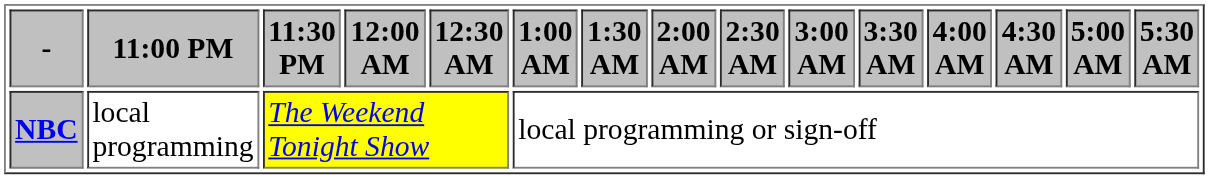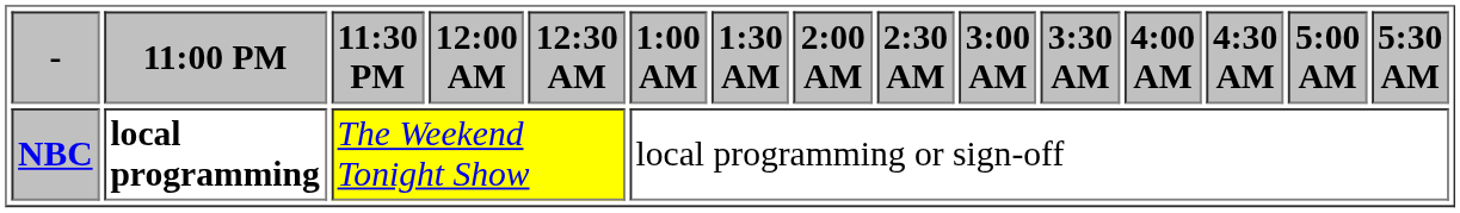 <table border="1" cellpadding="2">
 <tr>
 <th bgcolor="#C0C0C0">-</th>
 <th width="13%" bgcolor="#C0C0C0">11:00 PM</th>
 <th width="14%" bgcolor="#C0C0C0">11:30 PM</th>
 <th width="13%" bgcolor="#C0C0C0">12:00 AM</th>
 <th width="14%" bgcolor="#C0C0C0">12:30 AM</th>
 <th width="13%" bgcolor="#C0C0C0">1:00 AM</th>
 <th width="14%" bgcolor="#C0C0C0">1:30 AM</th>
 <th width="13%" bgcolor="#C0C0C0">2:00 AM</th>
 <th width="14%" bgcolor="#C0C0C0">2:30 AM</th>
 <th width="13%" bgcolor="#C0C0C0">3:00 AM</th>
 <th width="14%" bgcolor="#C0C0C0">3:30 AM</th>
 <th width="13%" bgcolor="#C0C0C0">4:00 AM</th>
 <th width="14%" bgcolor="#C0C0C0">4:30 AM</th>
 <th width="13%" bgcolor="#C0C0C0">5:00 AM</th>
 <th width="14%" bgcolor="#C0C0C0">5:30 AM</th>
 </tr>
 <tr>
 <th bgcolor="#C0C0C0"><a href='#'>NBC</a></th>
-<td bgcolor="white">local programming</td>
+<td bgcolor="white"><strong>local programming</strong></td>
 <td bgcolor="yellow" colspan="3"><a href='#'><em>The Weekend Tonight Show</em></a></td>
 <td bgcolor="white" colspan="10">local programming or sign-off</td>
 </tr>
 </table>
